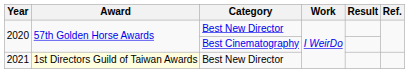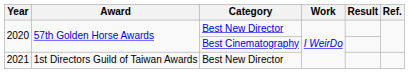 <table class="wikitable plainrowheaders">
 <tr>
 <th>Year</th>
 <th>Award</th>
 <th>Category</th>
 <th>Work</th>
 <th>Result</th>
 <th>Ref.</th>
 </tr>
 <tr>
 <td rowspan="2">2020</td>
 <td rowspan="2"><a href='#'>57th Golden Horse Awards</a></td>
 <td><a href='#'>Best New Director</a></td>
 <td rowspan="3"><em><a href='#'>I WeirDo</a></em></td>
 <td></td>
 <td rowspan="2"></td>
 </tr>
 <tr>
 <td><a href='#'>Best Cinematography</a></td>
 <td></td>
 </tr>
 <tr>
 <td>2021</td>
-<td style="background: lightyellow;">1st Directors Guild of Taiwan Awards</td>
+<td>1st Directors Guild of Taiwan Awards</td>
 <td>Best New Director</td>
 <td></td>
 <td></td>
 </tr>
 </table>
